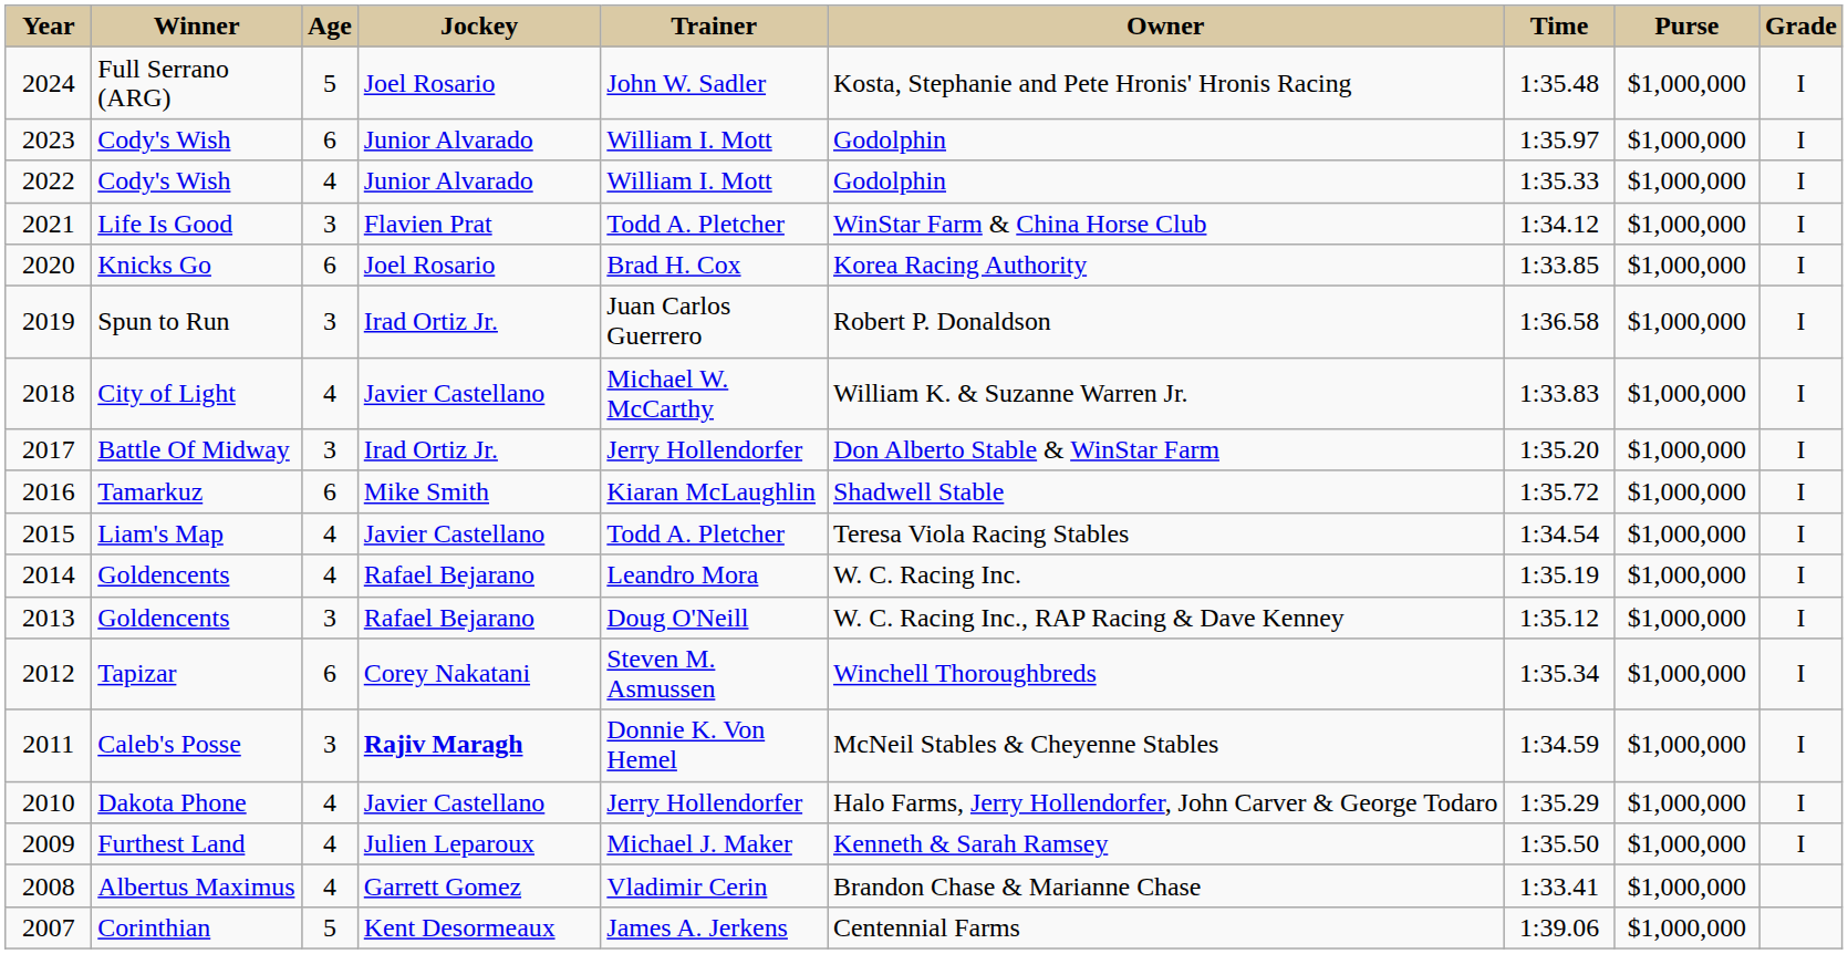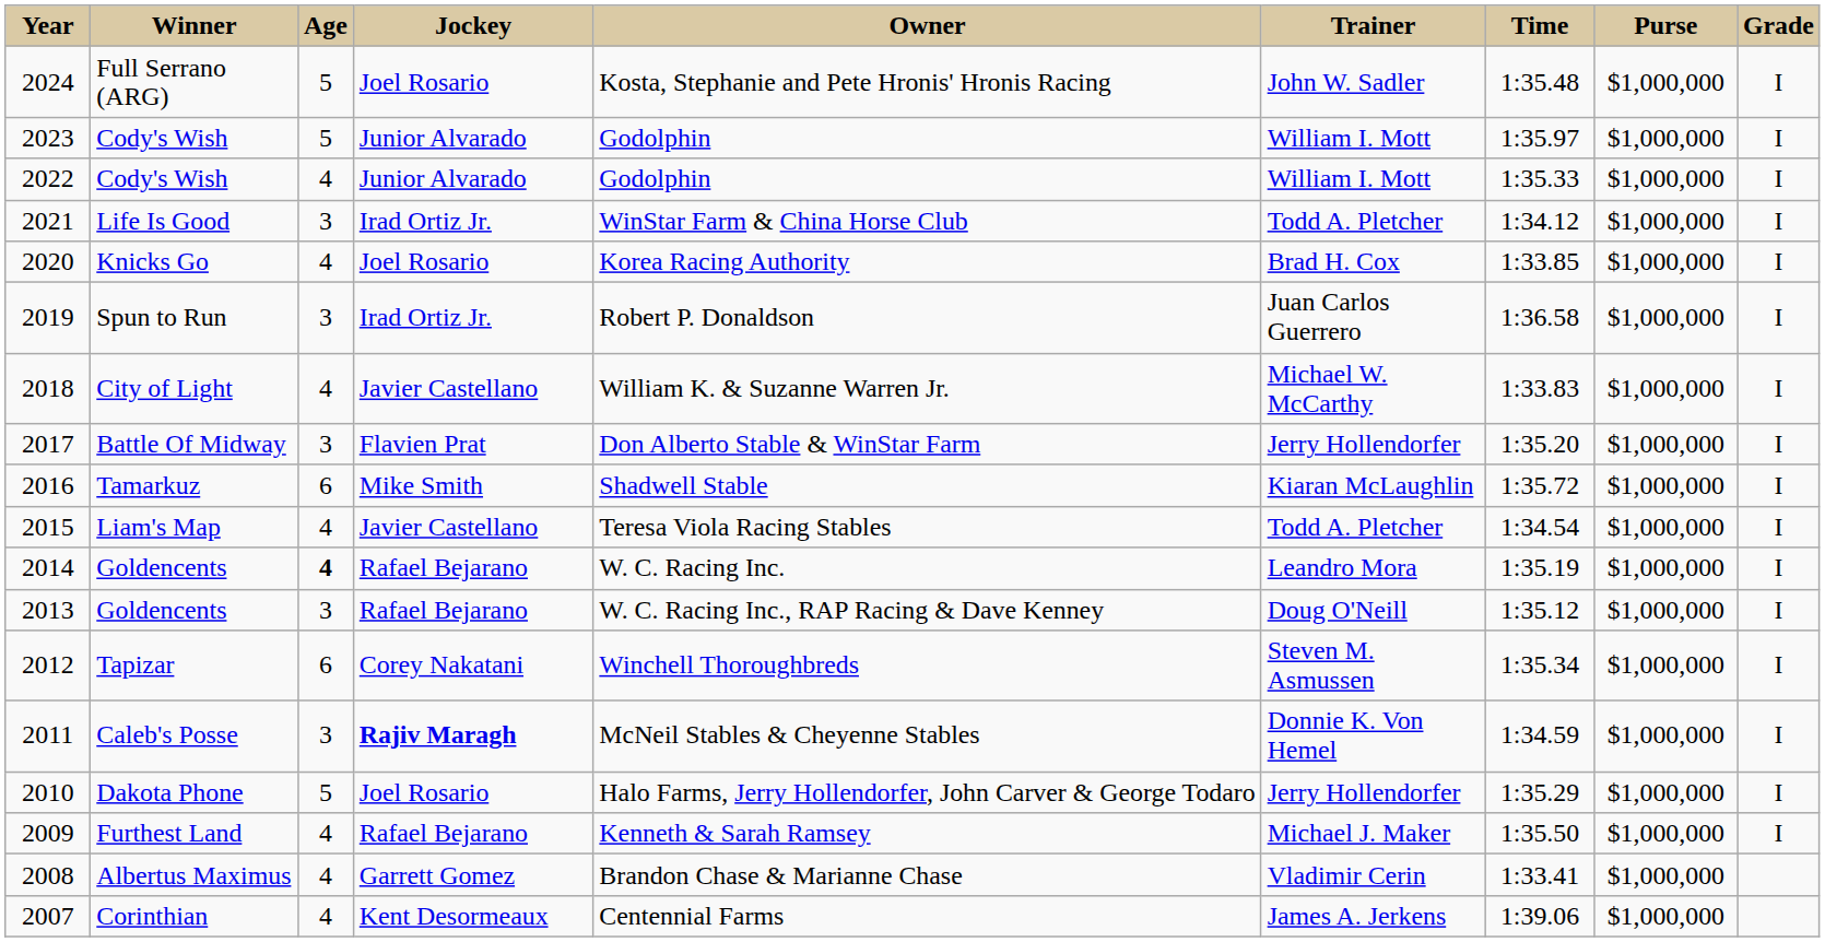 <table class="wikitable sortable">
 <tr>
 <th style="background-color:#DACAA5; width:45px">Year</th>
 <th style="background-color:#DACAA5; width:120px">Winner</th>
 <th style="background-color:#DACAA5">Age</th>
 <th style="background-color:#DACAA5; width:140px">Jockey</th>
+<th style="background-color:#DACAA5;">Owner</th>
 <th style="background-color:#DACAA5; width:130px">Trainer</th>
-<th style="background-color:#DACAA5;">Owner</th>
 <th style="background-color:#DACAA5; width:60px">Time</th>
 <th style="background-color:#DACAA5; width:80px">Purse</th>
 <th style="background-color:#DACAA5; width:40px">Grade</th>
 </tr>
 <tr>
 <td align=center>2024</td>
 <td>Full Serrano (ARG)</td>
 <td align=center>5</td>
 <td><a href='#'>Joel Rosario</a></td>
+<td>Kosta, Stephanie and Pete Hronis' Hronis Racing</td>
 <td><a href='#'>John W. Sadler</a></td>
-<td>Kosta, Stephanie and Pete Hronis' Hronis Racing</td>
 <td align=center>1:35.48</td>
 <td align=center>$1,000,000</td>
 <td align=center>I</td>
 </tr>
 <tr>
 <td align=center>2023</td>
 <td><a href='#'>Cody's Wish</a></td>
-<td align=center>6</td>
+<td align=center>5</td>
 <td><a href='#'>Junior Alvarado</a></td>
+<td><a href='#'>Godolphin</a></td>
 <td><a href='#'>William I. Mott</a></td>
-<td><a href='#'>Godolphin</a></td>
 <td align=center>1:35.97</td>
 <td align=center>$1,000,000</td>
 <td align=center>I</td>
 </tr>
 <tr>
 <td align=center>2022</td>
 <td><a href='#'>Cody's Wish</a></td>
 <td align=center>4</td>
 <td><a href='#'>Junior Alvarado</a></td>
+<td><a href='#'>Godolphin</a></td>
 <td><a href='#'>William I. Mott</a></td>
-<td><a href='#'>Godolphin</a></td>
 <td align=center>1:35.33</td>
 <td align=center>$1,000,000</td>
 <td align=center>I</td>
 </tr>
 <tr>
 <td align=center>2021</td>
 <td><a href='#'>Life Is Good</a></td>
 <td align=center>3</td>
-<td><a href='#'>Flavien Prat</a></td>
+<td><a href='#'>Irad Ortiz Jr.</a></td>
+<td><a href='#'>WinStar Farm</a> & <a href='#'>China Horse Club</a></td>
 <td><a href='#'>Todd A. Pletcher</a></td>
-<td><a href='#'>WinStar Farm</a> & <a href='#'>China Horse Club</a></td>
 <td align=center>1:34.12</td>
 <td align=center>$1,000,000</td>
 <td align=center>I</td>
 </tr>
 <tr>
 <td align=center>2020</td>
 <td><a href='#'>Knicks Go</a></td>
-<td align=center>6</td>
+<td align=center>4</td>
 <td><a href='#'>Joel Rosario</a></td>
+<td><a href='#'>Korea Racing Authority</a></td>
 <td><a href='#'>Brad H. Cox</a></td>
-<td><a href='#'>Korea Racing Authority</a></td>
 <td align=center>1:33.85</td>
 <td align=center>$1,000,000</td>
 <td align=center>I</td>
 </tr>
 <tr>
 <td align=center>2019</td>
 <td>Spun to Run</td>
 <td align=center>3</td>
 <td><a href='#'>Irad Ortiz Jr.</a></td>
+<td>Robert P. Donaldson</td>
 <td>Juan Carlos Guerrero</td>
-<td>Robert P. Donaldson</td>
 <td align=center>1:36.58</td>
 <td align=center>$1,000,000</td>
 <td align=center>I</td>
 </tr>
 <tr>
 <td align=center>2018</td>
 <td><a href='#'>City of Light</a></td>
 <td align=center>4</td>
 <td><a href='#'>Javier Castellano</a></td>
+<td>William K. & Suzanne Warren Jr.</td>
 <td><a href='#'>Michael W. McCarthy</a></td>
-<td>William K. & Suzanne Warren Jr.</td>
 <td align=center>1:33.83</td>
 <td align=center>$1,000,000</td>
 <td align=center>I</td>
 </tr>
 <tr>
 <td align=center>2017</td>
 <td><a href='#'>Battle Of Midway</a></td>
 <td align=center>3</td>
-<td><a href='#'>Irad Ortiz Jr.</a></td>
+<td><a href='#'>Flavien Prat</a></td>
+<td><a href='#'>Don Alberto Stable</a> & <a href='#'>WinStar Farm</a></td>
 <td><a href='#'>Jerry Hollendorfer</a></td>
-<td><a href='#'>Don Alberto Stable</a> & <a href='#'>WinStar Farm</a></td>
 <td align=center>1:35.20</td>
 <td align=center>$1,000,000</td>
 <td align=center>I</td>
 </tr>
 <tr>
 <td align=center>2016</td>
 <td><a href='#'>Tamarkuz</a></td>
 <td align=center>6</td>
 <td><a href='#'>Mike Smith</a></td>
+<td><a href='#'>Shadwell Stable</a></td>
 <td><a href='#'>Kiaran McLaughlin</a></td>
-<td><a href='#'>Shadwell Stable</a></td>
 <td align=center>1:35.72</td>
 <td align=center>$1,000,000</td>
 <td align=center>I</td>
 </tr>
 <tr>
 <td align=center>2015</td>
 <td><a href='#'>Liam's Map</a></td>
 <td align=center>4</td>
 <td><a href='#'>Javier Castellano</a></td>
+<td>Teresa Viola Racing Stables</td>
 <td><a href='#'>Todd A. Pletcher</a></td>
-<td>Teresa Viola Racing Stables</td>
 <td align=center>1:34.54</td>
 <td align=center>$1,000,000</td>
 <td align=center>I</td>
 </tr>
 <tr>
 <td align=center>2014</td>
 <td><a href='#'>Goldencents</a></td>
-<td align=center>4</td>
+<td align=center><strong>4</strong></td>
 <td><a href='#'>Rafael Bejarano</a></td>
+<td>W. C. Racing Inc.</td>
 <td><a href='#'>Leandro Mora</a></td>
-<td>W. C. Racing Inc.</td>
 <td align=center>1:35.19</td>
 <td align=center>$1,000,000</td>
 <td align=center>I</td>
 </tr>
 <tr>
 <td align=center>2013</td>
 <td><a href='#'>Goldencents</a></td>
 <td align=center>3</td>
 <td><a href='#'>Rafael Bejarano</a></td>
+<td>W. C. Racing Inc., RAP Racing & Dave Kenney</td>
 <td><a href='#'>Doug O'Neill</a></td>
-<td>W. C. Racing Inc., RAP Racing & Dave Kenney</td>
 <td align=center>1:35.12</td>
 <td align=center>$1,000,000</td>
 <td align=center>I</td>
 </tr>
 <tr>
 <td align=center>2012</td>
 <td><a href='#'>Tapizar</a></td>
 <td align=center>6</td>
 <td><a href='#'>Corey Nakatani</a></td>
+<td><a href='#'>Winchell Thoroughbreds</a></td>
 <td><a href='#'>Steven M. Asmussen</a></td>
-<td><a href='#'>Winchell Thoroughbreds</a></td>
 <td align=center>1:35.34</td>
 <td align=center>$1,000,000</td>
 <td align=center>I</td>
 </tr>
 <tr>
 <td align=center>2011</td>
 <td><a href='#'>Caleb's Posse</a></td>
 <td align=center>3</td>
 <td><strong><a href='#'>Rajiv Maragh</a></strong></td>
+<td>McNeil Stables & Cheyenne Stables</td>
 <td><a href='#'>Donnie K. Von Hemel</a></td>
-<td>McNeil Stables & Cheyenne Stables</td>
 <td align=center>1:34.59</td>
 <td align=center>$1,000,000</td>
 <td align=center>I</td>
 </tr>
 <tr>
 <td align=center>2010</td>
 <td><a href='#'>Dakota Phone</a></td>
-<td align=center>4</td>
-<td><a href='#'>Javier Castellano</a></td>
+<td align=center>5</td>
+<td><a href='#'>Joel Rosario</a></td>
+<td>Halo Farms, <a href='#'>Jerry Hollendorfer</a>, John Carver & George Todaro</td>
 <td><a href='#'>Jerry Hollendorfer</a></td>
-<td>Halo Farms, <a href='#'>Jerry Hollendorfer</a>, John Carver & George Todaro</td>
 <td align=center>1:35.29</td>
 <td align=center>$1,000,000</td>
 <td align=center>I</td>
 </tr>
 <tr>
 <td align=center>2009</td>
 <td><a href='#'>Furthest Land</a></td>
 <td align=center>4</td>
-<td><a href='#'>Julien Leparoux</a></td>
+<td><a href='#'>Rafael Bejarano</a></td>
+<td><a href='#'>Kenneth & Sarah Ramsey</a></td>
 <td><a href='#'>Michael J. Maker</a></td>
-<td><a href='#'>Kenneth & Sarah Ramsey</a></td>
 <td align=center>1:35.50</td>
 <td align=center>$1,000,000</td>
 <td align=center>I</td>
 </tr>
 <tr>
 <td align=center>2008</td>
 <td><a href='#'>Albertus Maximus</a></td>
 <td align=center>4</td>
 <td><a href='#'>Garrett Gomez</a></td>
+<td>Brandon Chase & Marianne Chase</td>
 <td><a href='#'>Vladimir Cerin</a></td>
-<td>Brandon Chase & Marianne Chase</td>
 <td align=center>1:33.41</td>
 <td align=center>$1,000,000</td>
 <td></td>
 </tr>
 <tr>
 <td align=center>2007</td>
 <td><a href='#'>Corinthian</a></td>
-<td align=center>5</td>
+<td align=center>4</td>
 <td><a href='#'>Kent Desormeaux</a></td>
+<td>Centennial Farms</td>
 <td><a href='#'>James A. Jerkens</a></td>
-<td>Centennial Farms</td>
 <td align=center>1:39.06</td>
 <td align=center>$1,000,000</td>
 <td></td>
 </tr>
 </table>
